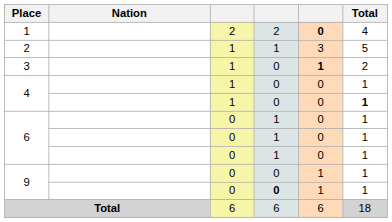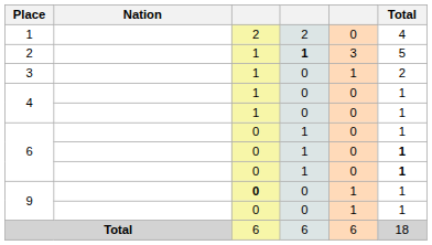 <table class=wikitable style="border:1px solid #AAAAAA;font-size:90%">
 <tr bgcolor="#EFEFEF">
 <th width=50>Place</th>
 <th width=200>Nation</th>
 <th width=50></th>
 <th width=50></th>
 <th width=50></th>
 <th width=50>Total</th>
 </tr>
 <tr align="center" valign="center" bgcolor="#FFFFFF">
 <td>1</td>
 <td align="left"></td>
 <td style="background:#F7F6A8;">2</td>
 <td style="background:#DCE5E5;">2</td>
-<td style="background:#FFDAB9;"><strong>0</strong></td>
+<td style="background:#FFDAB9;">0</td>
 <td>4</td>
 </tr>
 <tr align="center" valign="center" bgcolor="#FFFFFF">
 <td>2</td>
 <td align="left"></td>
 <td style="background:#F7F6A8;">1</td>
-<td style="background:#DCE5E5;">1</td>
+<td style="background:#DCE5E5;"><strong>1</strong></td>
 <td style="background:#FFDAB9;">3</td>
 <td>5</td>
 </tr>
 <tr align="center" valign="center" bgcolor="#FFFFFF">
 <td>3</td>
 <td align="left"></td>
 <td style="background:#F7F6A8;">1</td>
 <td style="background:#DCE5E5;">0</td>
-<td style="background:#FFDAB9;"><strong>1</strong></td>
+<td style="background:#FFDAB9;">1</td>
 <td>2</td>
 </tr>
 <tr align="center" valign="center" bgcolor="#FFFFFF">
 <td rowspan=2>4</td>
 <td align="left"></td>
 <td style="background:#F7F6A8;">1</td>
 <td style="background:#DCE5E5;">0</td>
 <td style="background:#FFDAB9;">0</td>
 <td>1</td>
 </tr>
 <tr align="center" valign="center" bgcolor="#FFFFFF">
 <td align="left"></td>
 <td style="background:#F7F6A8;">1</td>
 <td style="background:#DCE5E5;">0</td>
 <td style="background:#FFDAB9;">0</td>
-<td><strong>1</strong></td>
+<td>1</td>
 </tr>
 <tr align="center" valign="center" bgcolor="#FFFFFF">
 <td rowspan=3>6</td>
 <td align="left"></td>
 <td style="background:#F7F6A8;">0</td>
 <td style="background:#DCE5E5;">1</td>
 <td style="background:#FFDAB9;">0</td>
 <td>1</td>
 </tr>
 <tr align="center" valign="center" bgcolor="#FFFFFF">
 <td align="left"></td>
 <td style="background:#F7F6A8;">0</td>
 <td style="background:#DCE5E5;">1</td>
 <td style="background:#FFDAB9;">0</td>
-<td>1</td>
+<td><strong>1</strong></td>
 </tr>
 <tr align="center" valign="center" bgcolor="#FFFFFF">
 <td align="left"></td>
 <td style="background:#F7F6A8;">0</td>
 <td style="background:#DCE5E5;">1</td>
 <td style="background:#FFDAB9;">0</td>
-<td>1</td>
+<td><strong>1</strong></td>
 </tr>
 <tr align="center" valign="center" bgcolor="#FFFFFF">
 <td rowspan=2>9</td>
 <td align="left"></td>
-<td style="background:#F7F6A8;">0</td>
+<td style="background:#F7F6A8;"><strong>0</strong></td>
 <td style="background:#DCE5E5;">0</td>
 <td style="background:#FFDAB9;">1</td>
 <td>1</td>
 </tr>
 <tr align="center" valign="center" bgcolor="#FFFFFF">
 <td align="left"></td>
 <td style="background:#F7F6A8;">0</td>
-<td style="background:#DCE5E5;"><strong>0</strong></td>
+<td style="background:#DCE5E5;">0</td>
 <td style="background:#FFDAB9;">1</td>
 <td>1</td>
 </tr>
 <tr align="center">
 <td colspan="2" bgcolor=D3D3D3><strong>Total</strong></td>
 <td style="background:#F7F6A8;">6</td>
 <td style="background:#DCE5E5;">6</td>
 <td style="background:#FFDAB9;">6</td>
 <td bgcolor=D3D3D3>18</td>
 </tr>
 </table>
